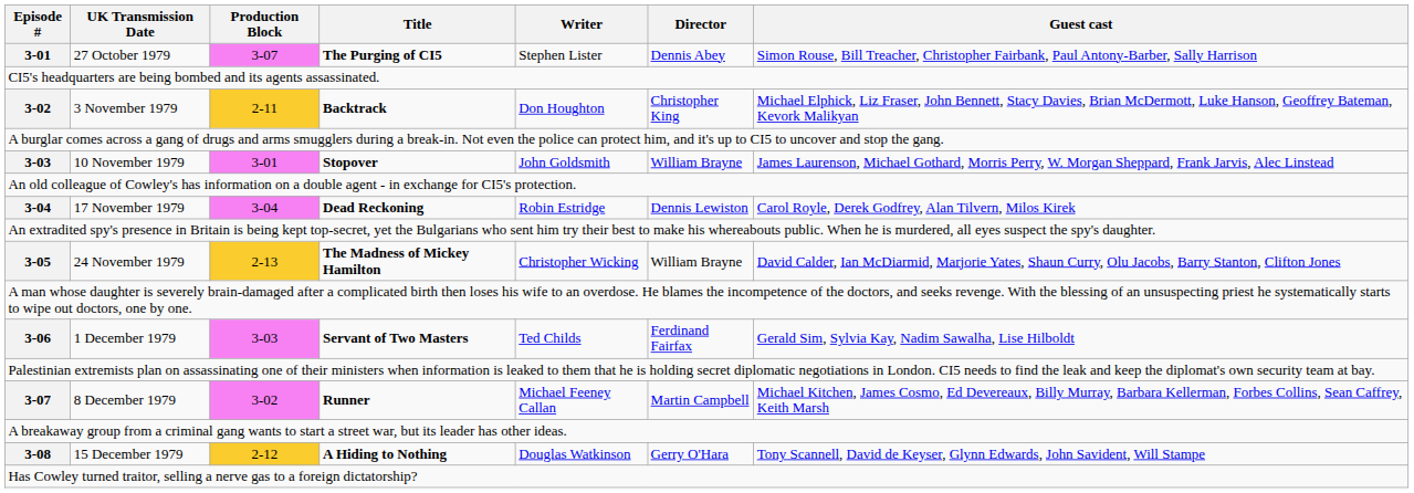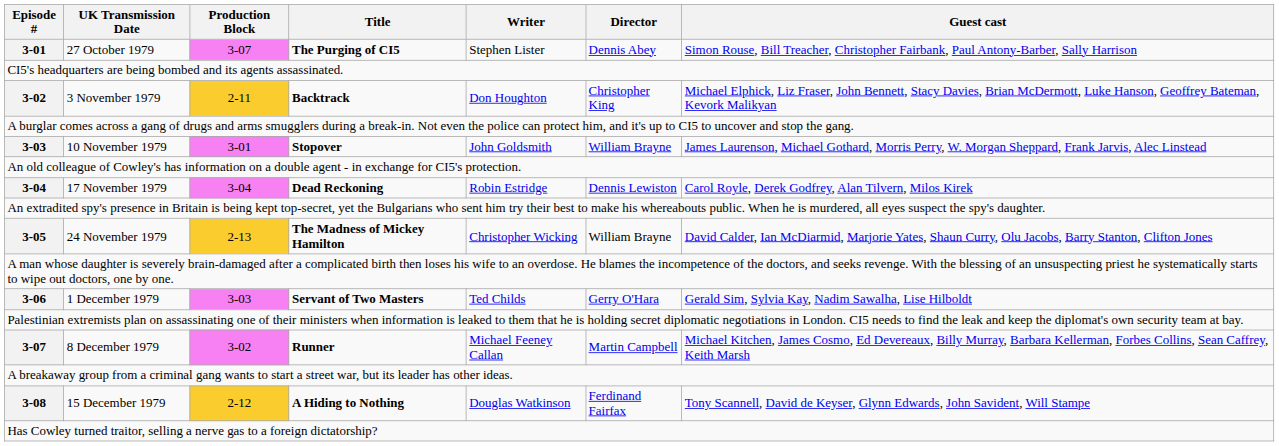 <table class="wikitable">
 <tr>
 <th>Episode #</th>
 <th>UK Transmission Date</th>
 <th>Production Block</th>
 <th>Title</th>
 <th>Writer</th>
 <th>Director</th>
 <th>Guest cast</th>
 </tr>
 <tr id="The Purging of CI5">
 <th style="text-align:center;">3-01</th>
 <td>27 October 1979</td>
 <td style="background: #F781F3; text-align:center;">3-07</td>
 <td><strong>The Purging of CI5</strong></td>
 <td>Stephen Lister</td>
 <td><a href='#'>Dennis Abey</a></td>
 <td><a href='#'>Simon Rouse</a>, <a href='#'>Bill Treacher</a>, <a href='#'>Christopher Fairbank</a>, <a href='#'>Paul Antony-Barber</a>, <a href='#'>Sally Harrison</a></td>
 </tr>
 <tr>
 <td colspan="7">CI5's headquarters are being bombed and its agents assassinated.</td>
 </tr>
 <tr id="Backtrack">
 <th style="text-align:center;">3-02</th>
 <td>3 November 1979</td>
 <td style="background: #FACC2E; text-align:center;">2-11</td>
 <td><strong>Backtrack</strong></td>
 <td><a href='#'>Don Houghton</a></td>
 <td><a href='#'>Christopher King</a></td>
 <td><a href='#'>Michael Elphick</a>, <a href='#'>Liz Fraser</a>, <a href='#'>John Bennett</a>, <a href='#'>Stacy Davies</a>, <a href='#'>Brian McDermott</a>, <a href='#'>Luke Hanson</a>, <a href='#'>Geoffrey Bateman</a>, <a href='#'>Kevork Malikyan</a></td>
 </tr>
 <tr>
 <td colspan="7">A burglar comes across a gang of drugs and arms smugglers during a break-in. Not even the police can protect him, and it's up to CI5 to uncover and stop the gang.</td>
 </tr>
 <tr id="Stopover">
 <th style="text-align:center;">3-03</th>
 <td>10 November 1979</td>
 <td style="background: #F781F3; text-align:center;">3-01</td>
 <td><strong>Stopover</strong></td>
 <td><a href='#'>John Goldsmith</a></td>
 <td><a href='#'>William Brayne</a></td>
 <td><a href='#'>James Laurenson</a>, <a href='#'>Michael Gothard</a>, <a href='#'>Morris Perry</a>, <a href='#'>W. Morgan Sheppard</a>, <a href='#'>Frank Jarvis</a>, <a href='#'>Alec Linstead</a></td>
 </tr>
 <tr>
 <td colspan="7">An old colleague of Cowley's has information on a double agent - in exchange for CI5's protection.</td>
 </tr>
 <tr id="Dead Reckoning">
 <th style="text-align:center;">3-04</th>
 <td>17 November 1979</td>
 <td style="background: #F781F3; text-align:center;">3-04</td>
 <td><strong>Dead Reckoning</strong></td>
 <td><a href='#'>Robin Estridge</a></td>
 <td><a href='#'>Dennis Lewiston</a></td>
 <td><a href='#'>Carol Royle</a>, <a href='#'>Derek Godfrey</a>, <a href='#'>Alan Tilvern</a>, <a href='#'>Milos Kirek</a></td>
 </tr>
 <tr>
 <td colspan="7">An extradited spy's presence in Britain is being kept top-secret, yet the Bulgarians who sent him try their best to make his whereabouts public. When he is murdered, all eyes suspect the spy's daughter.</td>
 </tr>
 <tr id="The Madness of Mickey Hamilton">
 <th style="text-align:center;">3-05</th>
 <td>24 November 1979</td>
 <td style="background: #FACC2E; text-align:center;">2-13</td>
 <td><strong>The Madness of Mickey Hamilton</strong></td>
 <td><a href='#'>Christopher Wicking</a></td>
 <td>William Brayne</td>
 <td><a href='#'>David Calder</a>, <a href='#'>Ian McDiarmid</a>, <a href='#'>Marjorie Yates</a>, <a href='#'>Shaun Curry</a>, <a href='#'>Olu Jacobs</a>, <a href='#'>Barry Stanton</a>, <a href='#'>Clifton Jones</a></td>
 </tr>
 <tr>
 <td colspan="7">A man whose daughter is severely brain-damaged after a complicated birth then loses his wife to an overdose. He blames the incompetence of the doctors, and seeks revenge. With the blessing of an unsuspecting priest he systematically starts to wipe out doctors, one by one.</td>
 </tr>
 <tr id="A Hiding to Nothing">
 <th style="text-align:center;">3-06</th>
 <td>1 December 1979</td>
 <td style="background: #F781F3; text-align:center;">3-03</td>
 <td><strong>Servant of Two Masters</strong></td>
 <td><a href='#'>Ted Childs</a></td>
-<td><a href='#'>Ferdinand Fairfax</a></td>
+<td><a href='#'>Gerry O'Hara</a></td>
 <td><a href='#'>Gerald Sim</a>, <a href='#'>Sylvia Kay</a>, <a href='#'>Nadim Sawalha</a>, <a href='#'>Lise Hilboldt</a></td>
 </tr>
 <tr>
 <td colspan="7">Palestinian extremists plan on assassinating one of their ministers when information is leaked to them that he is holding secret diplomatic negotiations in London. CI5 needs to find the leak and keep the diplomat's own security team at bay.</td>
 </tr>
 <tr id="Runner">
 <th style="text-align:center;">3-07</th>
 <td>8 December 1979</td>
 <td style="background: #F781F3; text-align:center;">3-02</td>
 <td><strong>Runner</strong></td>
 <td><a href='#'>Michael Feeney Callan</a></td>
 <td><a href='#'>Martin Campbell</a></td>
 <td><a href='#'>Michael Kitchen</a>, <a href='#'>James Cosmo</a>, <a href='#'>Ed Devereaux</a>, <a href='#'>Billy Murray</a>, <a href='#'>Barbara Kellerman</a>, <a href='#'>Forbes Collins</a>, <a href='#'>Sean Caffrey</a>, <a href='#'>Keith Marsh</a></td>
 </tr>
 <tr>
 <td colspan="7">A breakaway group from a criminal gang wants to start a street war, but its leader has other ideas.</td>
 </tr>
 <tr id="Servant of Two Masters">
 <th style="text-align:center;">3-08</th>
 <td>15 December 1979</td>
 <td style="background: #FACC2E; text-align:center;">2-12</td>
 <td><strong>A Hiding to Nothing</strong></td>
 <td><a href='#'>Douglas Watkinson</a></td>
-<td><a href='#'>Gerry O'Hara</a></td>
+<td><a href='#'>Ferdinand Fairfax</a></td>
 <td><a href='#'>Tony Scannell</a>, <a href='#'>David de Keyser</a>, <a href='#'>Glynn Edwards</a>, <a href='#'>John Savident</a>, <a href='#'>Will Stampe</a></td>
 </tr>
 <tr>
 <td colspan="7">Has Cowley turned traitor, selling a nerve gas to a foreign dictatorship?</td>
 </tr>
 </table>
